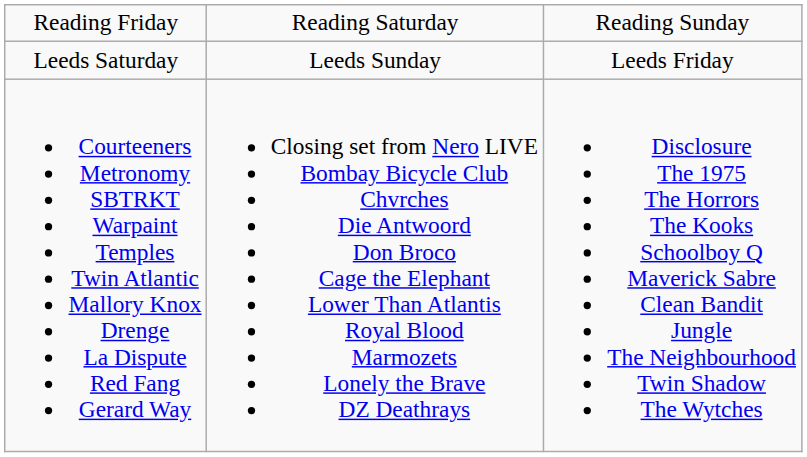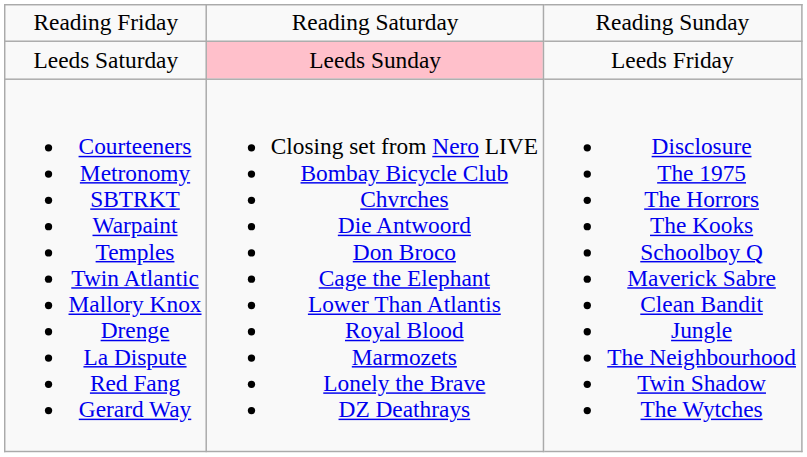 <table class="wikitable" style="text-align:center;">
 <tr>
 <td>Reading Friday</td>
 <td>Reading Saturday</td>
 <td>Reading Sunday</td>
 </tr>
 <tr>
 <td>Leeds Saturday</td>
-<td>Leeds Sunday</td>
+<td style="background: pink;">Leeds Sunday</td>
 <td>Leeds Friday</td>
 </tr>
 <tr>
 <td><br><ul><li><a href='#'>Courteeners</a></li><li><a href='#'>Metronomy</a></li><li><a href='#'>SBTRKT</a></li><li><a href='#'>Warpaint</a></li><li><a href='#'>Temples</a></li><li><a href='#'>Twin Atlantic</a></li><li><a href='#'>Mallory Knox</a></li><li><a href='#'>Drenge</a></li><li><a href='#'>La Dispute</a></li><li><a href='#'>Red Fang</a></li><li><a href='#'>Gerard Way</a></li></ul></td>
 <td><br><ul><li>Closing set from <a href='#'>Nero</a> LIVE</li><li><a href='#'>Bombay Bicycle Club</a></li><li><a href='#'>Chvrches</a></li><li><a href='#'>Die Antwoord</a></li><li><a href='#'>Don Broco</a></li><li><a href='#'>Cage the Elephant</a></li><li><a href='#'>Lower Than Atlantis</a></li><li><a href='#'>Royal Blood</a></li><li><a href='#'>Marmozets</a></li><li><a href='#'>Lonely the Brave</a></li><li><a href='#'>DZ Deathrays</a></li></ul></td>
 <td><br><ul><li><a href='#'>Disclosure</a></li><li><a href='#'>The 1975</a></li><li><a href='#'>The Horrors</a></li><li><a href='#'>The Kooks</a></li><li><a href='#'>Schoolboy Q</a></li><li><a href='#'>Maverick Sabre</a></li><li><a href='#'>Clean Bandit</a></li><li><a href='#'>Jungle</a></li><li><a href='#'>The Neighbourhood</a></li><li><a href='#'>Twin Shadow</a></li><li><a href='#'>The Wytches</a></li></ul></td>
 </tr>
 </table>
